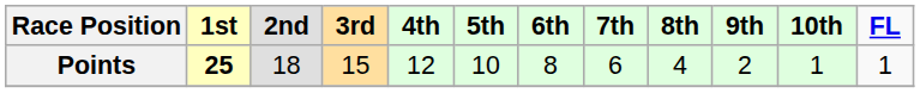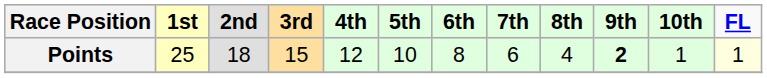 <table class="wikitable" style="font-size:85%; text-align:center">
 <tr>
 <th>Race Position</th>
 <td style="background:#ffffbf;"> <strong>1st</strong> </td>
 <td style="background:#dfdfdf;"> <strong>2nd</strong> </td>
 <td style="background:#ffdf9f;"> <strong>3rd</strong> </td>
 <td style="background:#dfffdf;"> <strong>4th</strong> </td>
 <td style="background:#dfffdf;"> <strong>5th</strong> </td>
 <td style="background:#dfffdf;"> <strong>6th</strong> </td>
 <td style="background:#dfffdf;"> <strong>7th</strong> </td>
 <td style="background:#dfffdf;"> <strong>8th</strong> </td>
 <td style="background:#dfffdf;"> <strong>9th</strong> </td>
 <td style="background:#dfffdf;"> <strong>10th</strong> </td>
 <td> <strong><a href='#'>FL</a></strong> </td>
 </tr>
 <tr>
 <th>Points</th>
-<td style="background:#ffffbf;"><strong>25</strong></td>
+<td style="background:#ffffbf;">25</td>
 <td style="background:#dfdfdf;">18</td>
 <td style="background:#ffdf9f;">15</td>
 <td style="background:#dfffdf;">12</td>
 <td style="background:#dfffdf;">10</td>
 <td style="background:#dfffdf;">8</td>
 <td style="background:#dfffdf;">6</td>
 <td style="background:#dfffdf;">4</td>
-<td style="background:#dfffdf;">2</td>
+<td style="background:#dfffdf;"><strong>2</strong></td>
 <td style="background:#dfffdf;">1</td>
-<td>1</td>
+<td style="background: lightyellow;">1</td>
 </tr>
 <tr>
 </tr>
 </table>
